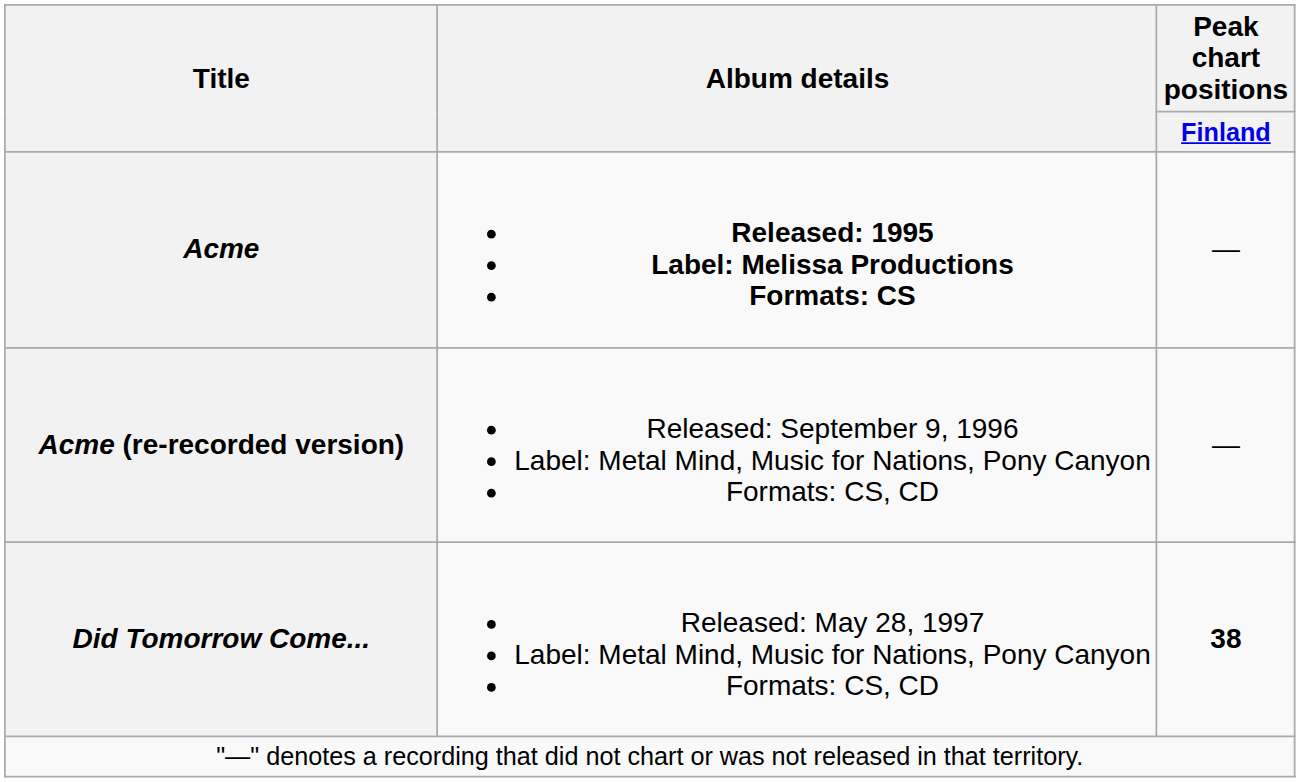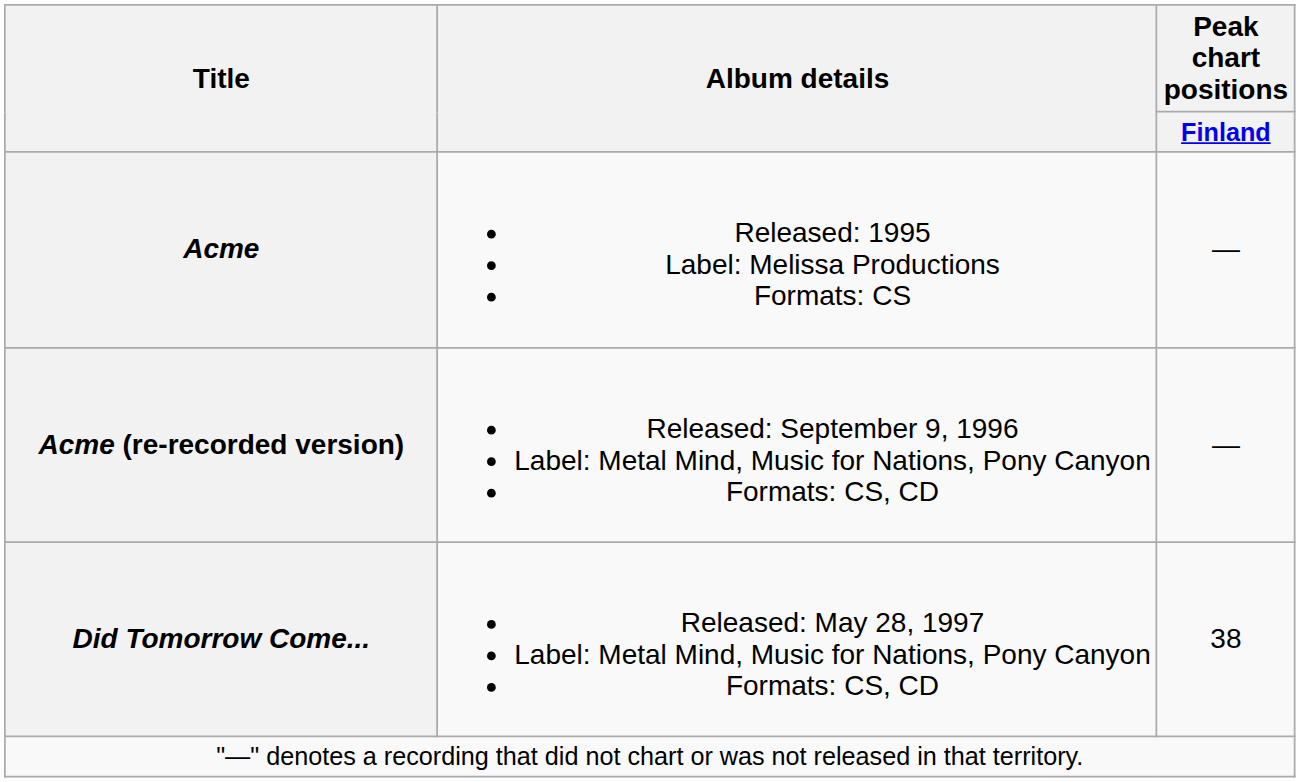 <table class="wikitable plainrowheaders" style="text-align:center;">
 <tr>
 <th scope="col" rowspan="2" style="width:15em;">Title</th>
 <th scope="col" rowspan="2">Album details</th>
 <th scope="col">Peak chart positions</th>
 </tr>
 <tr>
 <th scope="col" style="width:3em;font-size:90%;"><a href='#'>Finland</a></th>
 </tr>
 <tr>
 <th scope="row"><em>Acme</em></th>
-<td><strong><br><ul><li>Released: 1995</li><li>Label: Melissa Productions</li><li>Formats: CS</li></ul></strong></td>
+<td><br><ul><li>Released: 1995</li><li>Label: Melissa Productions</li><li>Formats: CS</li></ul></td>
 <td>—</td>
 </tr>
 <tr>
 <th scope="row"><em>Acme</em> (re-recorded version)</th>
 <td><br><ul><li>Released: September 9, 1996</li><li>Label: Metal Mind, Music for Nations, Pony Canyon</li><li>Formats: CS, CD</li></ul></td>
 <td>—</td>
 </tr>
 <tr>
 <th scope="row"><em>Did Tomorrow Come...</em></th>
 <td><br><ul><li>Released: May 28, 1997</li><li>Label: Metal Mind, Music for Nations, Pony Canyon</li><li>Formats: CS, CD</li></ul></td>
-<td><strong>38</strong></td>
+<td>38</td>
 </tr>
 <tr>
 <td colspan="10" style="font-size:90%">"—" denotes a recording that did not chart or was not released in that territory.</td>
 </tr>
 </table>
